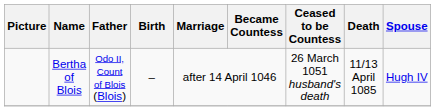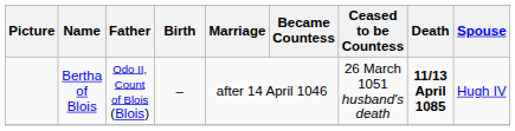 <table width=95% class="wikitable">
 <tr>
 <th width = "8%">Picture</th>
 <th width = "9%">Name</th>
 <th width = "9%">Father</th>
 <th width = "10%">Birth</th>
 <th width = "9%">Marriage</th>
 <th width = "9%">Became Countess</th>
 <th width = "9%">Ceased to be Countess</th>
 <th width = "9%">Death</th>
 <th width = "6%"><a href='#'>Spouse</a></th>
 </tr>
 <tr>
 <td align="center"></td>
 <td align="center"><a href='#'>Bertha of Blois</a></td>
 <td align="center"><small><a href='#'>Odo II, Count of Blois</a></small><br>(<a href='#'>Blois</a>)</td>
 <td align="center">–</td>
 <td align="center" colspan="2">after 14 April 1046</td>
 <td align="center">26 March 1051<br><em>husband's death</em></td>
-<td align="center">11/13 April 1085</td>
+<td align="center"><strong>11/13 April 1085</strong></td>
 <td align="center"><a href='#'>Hugh IV</a></td>
 </tr>
 <tr>
 </tr>
 </table>
